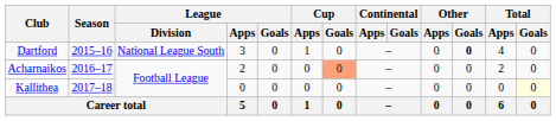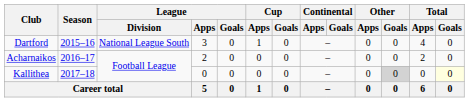 <table class="wikitable" style="text-align: center">
 <tr>
 <th rowspan="2">Club</th>
 <th rowspan="2">Season</th>
 <th colspan="3">League</th>
 <th colspan="2">Cup</th>
 <th colspan="2">Continental</th>
 <th colspan="2">Other</th>
 <th colspan="2">Total</th>
 </tr>
 <tr>
 <th>Division</th>
 <th>Apps</th>
 <th>Goals</th>
 <th>Apps</th>
 <th>Goals</th>
 <th>Apps</th>
 <th>Goals</th>
 <th>Apps</th>
 <th>Goals</th>
 <th>Apps</th>
 <th>Goals</th>
 </tr>
 <tr>
 <td><a href='#'>Dartford</a></td>
 <td><a href='#'>2015–16</a></td>
 <td><a href='#'>National League South</a></td>
 <td>3</td>
 <td>0</td>
 <td>1</td>
 <td>0</td>
 <td colspan="2">–</td>
 <td>0</td>
-<td><strong>0</strong></td>
+<td>0</td>
 <td>4</td>
 <td>0</td>
 </tr>
 <tr>
 <td><a href='#'>Acharnaikos</a></td>
 <td><a href='#'>2016–17</a></td>
 <td rowspan="2"><a href='#'>Football League</a></td>
 <td>2</td>
 <td>0</td>
 <td>0</td>
-<td style="background: lightsalmon;">0</td>
+<td>0</td>
 <td colspan="2">–</td>
 <td>0</td>
 <td>0</td>
 <td>2</td>
 <td>0</td>
 </tr>
 <tr>
 <td><a href='#'>Kallithea</a></td>
 <td><a href='#'>2017–18</a></td>
 <td>0</td>
 <td>0</td>
 <td>0</td>
 <td>0</td>
 <td colspan="2">–</td>
 <td>0</td>
-<td>0</td>
+<td style="background: lightgrey;">0</td>
 <td>0</td>
 <td style="background: lightyellow;">0</td>
 </tr>
 <tr>
 <th colspan=3>Career total</th>
 <th>5</th>
 <th>0</th>
 <th>1</th>
 <th>0</th>
 <th colspan="2">–</th>
 <th>0</th>
 <th>0</th>
 <th>6</th>
 <th>0</th>
 </tr>
 </table>
